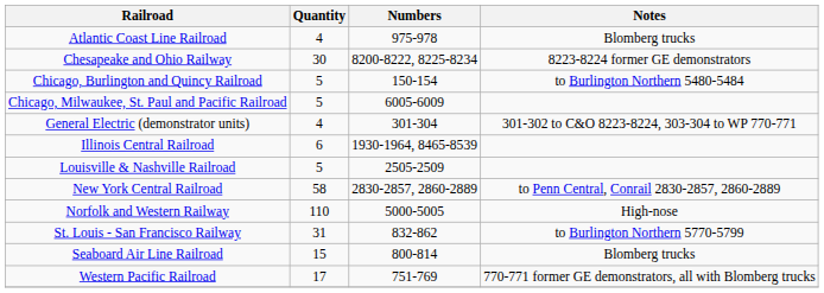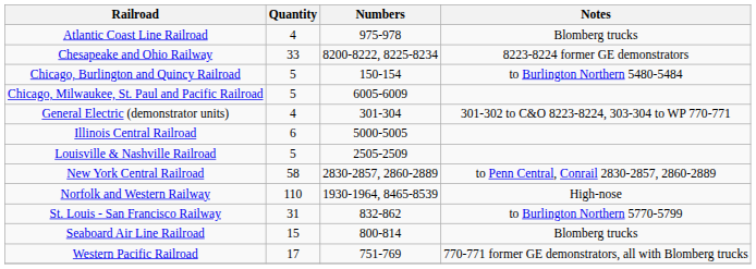 <table class="wikitable">
 <tr>
 <th>Railroad</th>
 <th>Quantity</th>
 <th>Numbers</th>
 <th>Notes</th>
 </tr>
 <tr align = "center">
 <td><a href='#'>Atlantic Coast Line Railroad</a></td>
 <td>4</td>
 <td>975-978</td>
 <td>Blomberg trucks</td>
 </tr>
 <tr align = "center">
 <td><a href='#'>Chesapeake and Ohio Railway</a></td>
-<td>30</td>
+<td>33</td>
 <td>8200-8222, 8225-8234</td>
 <td>8223-8224 former GE demonstrators</td>
 </tr>
 <tr align = "center">
 <td><a href='#'>Chicago, Burlington and Quincy Railroad</a></td>
 <td>5</td>
 <td>150-154</td>
 <td>to <a href='#'>Burlington Northern</a> 5480-5484</td>
 </tr>
 <tr align="center">
 <td><a href='#'>Chicago, Milwaukee, St. Paul and Pacific Railroad</a></td>
 <td>5</td>
 <td>6005-6009</td>
 <td></td>
 </tr>
 <tr align = "center">
 <td><a href='#'>General Electric</a> (demonstrator units)</td>
 <td>4</td>
 <td>301-304</td>
 <td>301-302 to C&O 8223-8224, 303-304 to WP 770-771</td>
 </tr>
 <tr align = "center">
 <td><a href='#'>Illinois Central Railroad</a></td>
 <td>6</td>
-<td>1930-1964, 8465-8539</td>
+<td>5000-5005</td>
 <td></td>
 </tr>
 <tr align = "center">
 <td><a href='#'>Louisville & Nashville Railroad</a></td>
 <td>5</td>
 <td>2505-2509</td>
 <td></td>
 </tr>
 <tr align = "center">
 <td><a href='#'>New York Central Railroad</a></td>
 <td>58</td>
 <td>2830-2857, 2860-2889</td>
 <td>to <a href='#'>Penn Central</a>, <a href='#'>Conrail</a> 2830-2857, 2860-2889</td>
 </tr>
 <tr align = "center">
 <td><a href='#'>Norfolk and Western Railway</a></td>
 <td>110</td>
-<td>5000-5005</td>
+<td>1930-1964, 8465-8539</td>
 <td>High-nose</td>
 </tr>
 <tr align = "center">
 <td><a href='#'>St. Louis - San Francisco Railway</a></td>
 <td>31</td>
 <td>832-862</td>
 <td>to <a href='#'>Burlington Northern</a> 5770-5799</td>
 </tr>
 <tr align = "center">
 <td><a href='#'>Seaboard Air Line Railroad</a></td>
 <td>15</td>
 <td>800-814</td>
 <td>Blomberg trucks</td>
 </tr>
 <tr align = "center">
 <td><a href='#'>Western Pacific Railroad</a></td>
 <td>17</td>
 <td>751-769</td>
 <td>770-771 former GE demonstrators, all with Blomberg trucks</td>
 </tr>
 <tr>
 </tr>
 </table>
